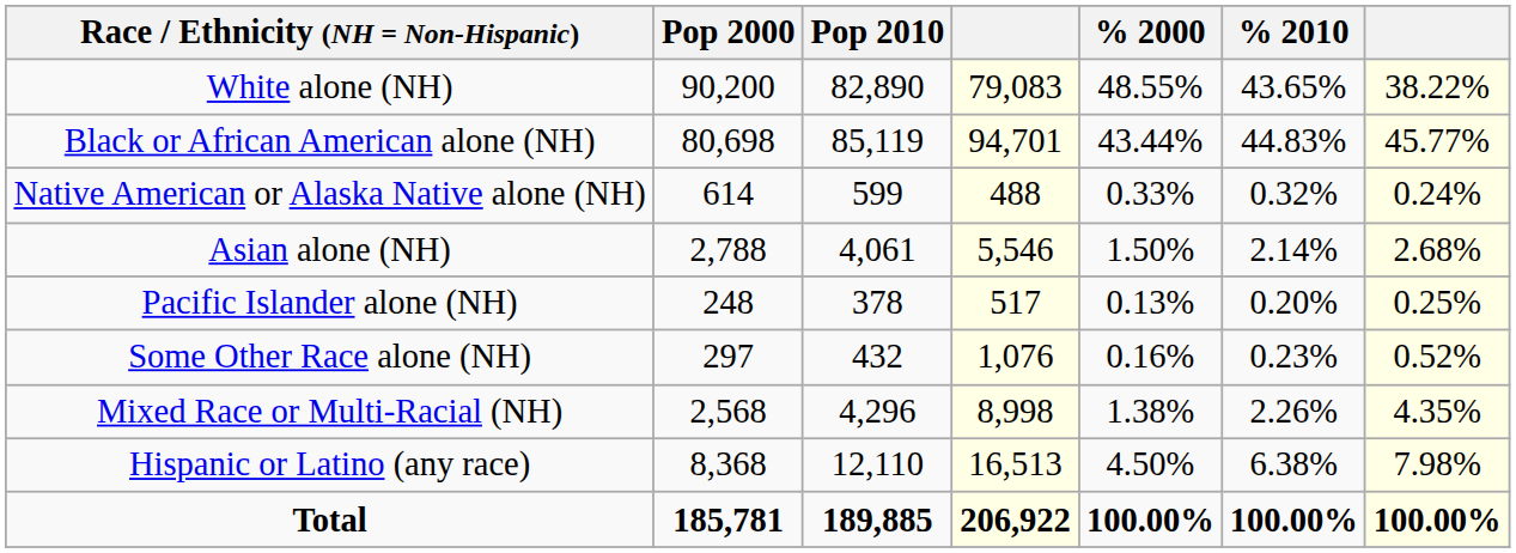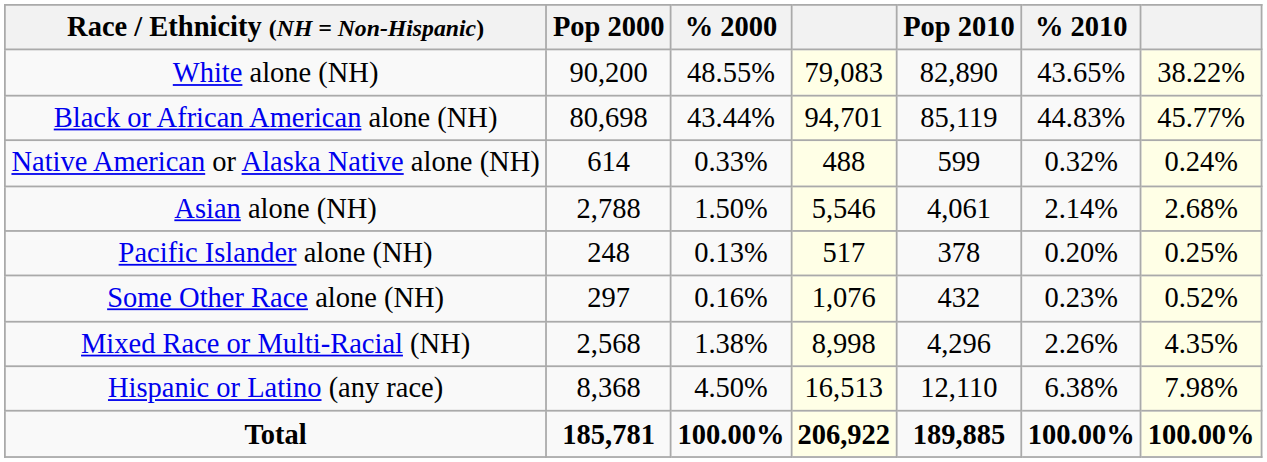 <table class="wikitable" style="text-align:center;">
 <tr>
 <th>Race / Ethnicity <small>(<em>NH = Non-Hispanic</em>)</small></th>
 <th>Pop 2000</th>
+<th>% 2000</th>
+<th></th>
 <th>Pop 2010</th>
-<th></th>
-<th>% 2000</th>
 <th>% 2010</th>
 <th></th>
 </tr>
 <tr>
 <td><a href='#'>White</a> alone (NH)</td>
 <td>90,200</td>
+<td>48.55%</td>
+<td style='background: #ffffe6;'>79,083</td>
 <td>82,890</td>
-<td style='background: #ffffe6;'>79,083</td>
-<td>48.55%</td>
 <td>43.65%</td>
 <td style='background: #ffffe6;'>38.22%</td>
 </tr>
 <tr>
 <td><a href='#'>Black or African American</a> alone (NH)</td>
 <td>80,698</td>
+<td>43.44%</td>
+<td style='background: #ffffe6;'>94,701</td>
 <td>85,119</td>
-<td style='background: #ffffe6;'>94,701</td>
-<td>43.44%</td>
 <td>44.83%</td>
 <td style='background: #ffffe6;'>45.77%</td>
 </tr>
 <tr>
 <td><a href='#'>Native American</a> or <a href='#'>Alaska Native</a> alone (NH)</td>
 <td>614</td>
+<td>0.33%</td>
+<td style='background: #ffffe6;'>488</td>
 <td>599</td>
-<td style='background: #ffffe6;'>488</td>
-<td>0.33%</td>
 <td>0.32%</td>
 <td style='background: #ffffe6;'>0.24%</td>
 </tr>
 <tr>
 <td><a href='#'>Asian</a> alone (NH)</td>
 <td>2,788</td>
+<td>1.50%</td>
+<td style='background: #ffffe6;'>5,546</td>
 <td>4,061</td>
-<td style='background: #ffffe6;'>5,546</td>
-<td>1.50%</td>
 <td>2.14%</td>
 <td style='background: #ffffe6;'>2.68%</td>
 </tr>
 <tr>
 <td><a href='#'>Pacific Islander</a> alone (NH)</td>
 <td>248</td>
+<td>0.13%</td>
+<td style='background: #ffffe6;'>517</td>
 <td>378</td>
-<td style='background: #ffffe6;'>517</td>
-<td>0.13%</td>
 <td>0.20%</td>
 <td style='background: #ffffe6;'>0.25%</td>
 </tr>
 <tr>
 <td><a href='#'>Some Other Race</a> alone (NH)</td>
 <td>297</td>
+<td>0.16%</td>
+<td style='background: #ffffe6;'>1,076</td>
 <td>432</td>
-<td style='background: #ffffe6;'>1,076</td>
-<td>0.16%</td>
 <td>0.23%</td>
 <td style='background: #ffffe6;'>0.52%</td>
 </tr>
 <tr>
 <td><a href='#'>Mixed Race or Multi-Racial</a> (NH)</td>
 <td>2,568</td>
+<td>1.38%</td>
+<td style='background: #ffffe6;'>8,998</td>
 <td>4,296</td>
-<td style='background: #ffffe6;'>8,998</td>
-<td>1.38%</td>
 <td>2.26%</td>
 <td style='background: #ffffe6;'>4.35%</td>
 </tr>
 <tr>
 <td><a href='#'>Hispanic or Latino</a> (any race)</td>
 <td>8,368</td>
+<td>4.50%</td>
+<td style='background: #ffffe6;'>16,513</td>
 <td>12,110</td>
-<td style='background: #ffffe6;'>16,513</td>
-<td>4.50%</td>
 <td>6.38%</td>
 <td style='background: #ffffe6;'>7.98%</td>
 </tr>
 <tr>
 <td><strong>Total</strong></td>
 <td><strong>185,781</strong></td>
+<td><strong>100.00%</strong></td>
+<td style='background: #ffffe6;'><strong>206,922</strong></td>
 <td><strong>189,885</strong></td>
-<td style='background: #ffffe6;'><strong>206,922</strong></td>
-<td><strong>100.00%</strong></td>
 <td><strong>100.00%</strong></td>
 <td style='background: #ffffe6;'><strong>100.00%</strong></td>
 </tr>
 </table>
